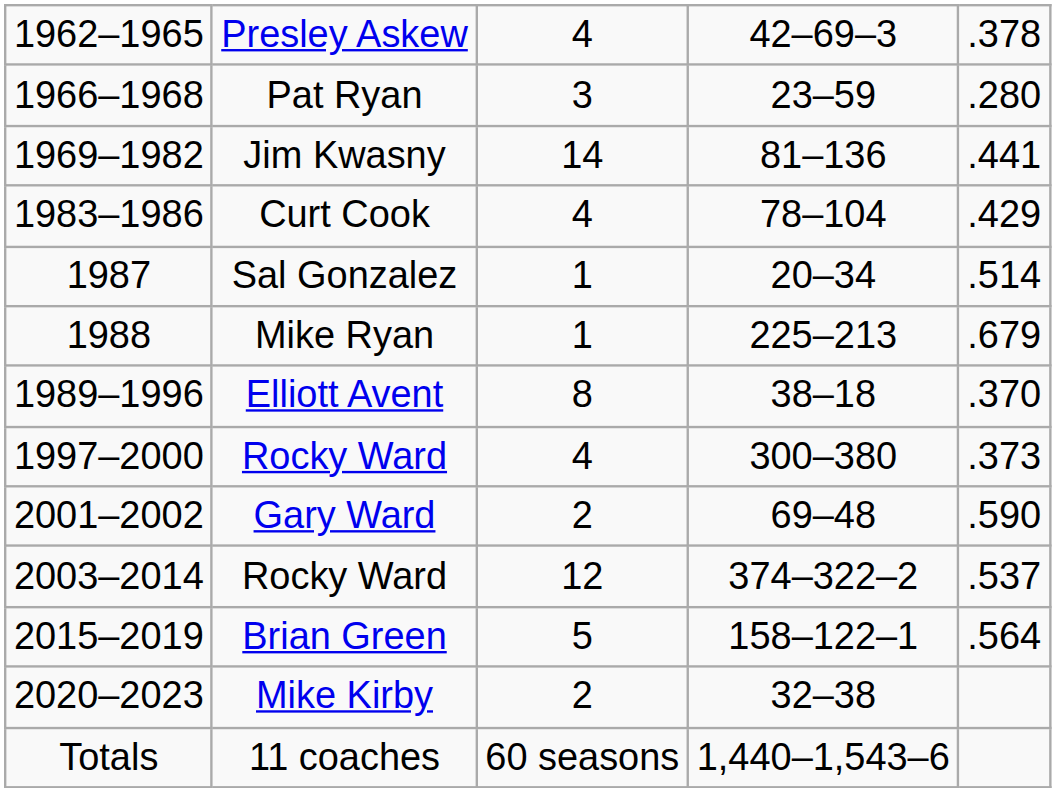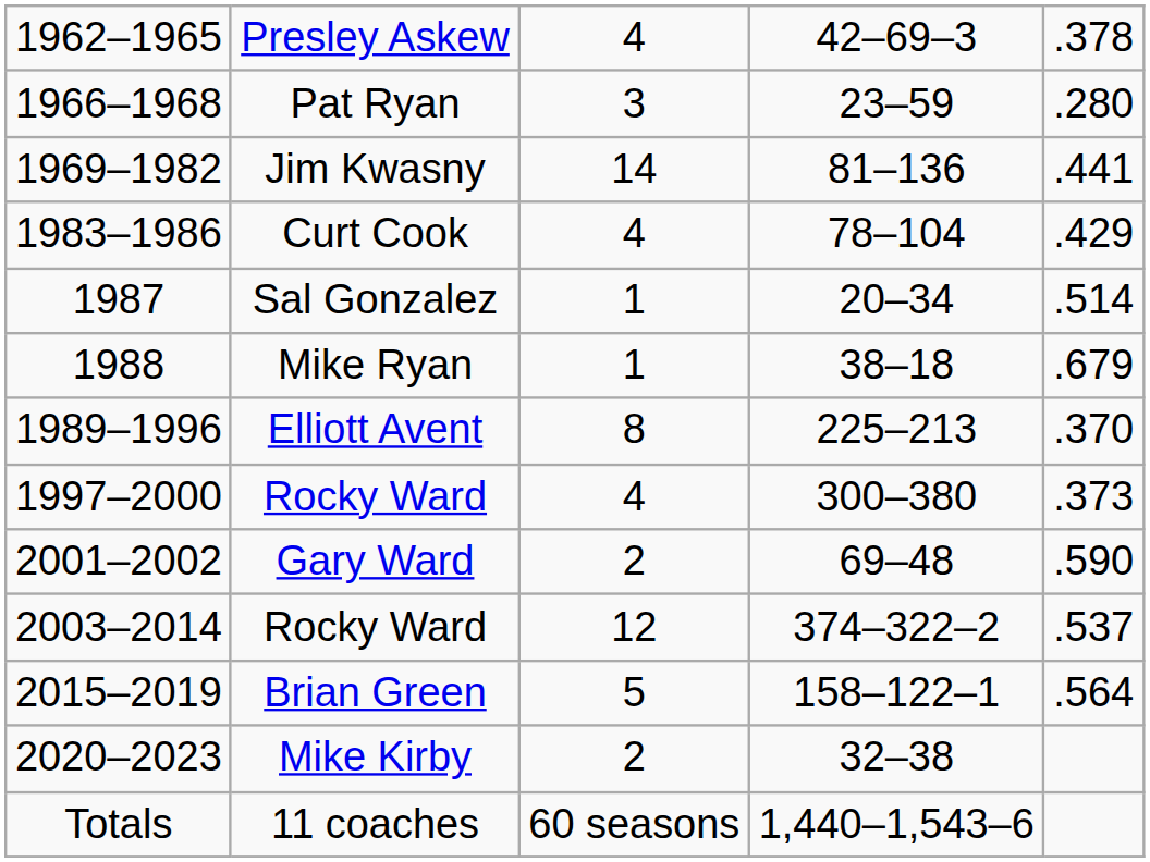 <table class="wikitable" style="text-align:center">
 <tr>
 <td>1962–1965</td>
 <td><a href='#'>Presley Askew</a></td>
 <td>4</td>
 <td>42–69–3</td>
 <td>.378</td>
 </tr>
 <tr>
 <td>1966–1968</td>
 <td>Pat Ryan</td>
 <td>3</td>
 <td>23–59</td>
 <td>.280</td>
 </tr>
 <tr>
 <td>1969–1982</td>
 <td>Jim Kwasny</td>
 <td>14</td>
 <td>81–136</td>
 <td>.441</td>
 </tr>
 <tr>
 <td>1983–1986</td>
 <td>Curt Cook</td>
 <td>4</td>
 <td>78–104</td>
 <td>.429</td>
 </tr>
 <tr>
 <td>1987</td>
 <td>Sal Gonzalez</td>
 <td>1</td>
 <td>20–34</td>
 <td>.514</td>
 </tr>
 <tr>
 <td>1988</td>
 <td>Mike Ryan</td>
 <td>1</td>
-<td>225–213</td>
+<td>38–18</td>
 <td>.679</td>
 </tr>
 <tr>
 <td>1989–1996</td>
 <td><a href='#'>Elliott Avent</a></td>
 <td>8</td>
-<td>38–18</td>
+<td>225–213</td>
 <td>.370</td>
 </tr>
 <tr>
 <td>1997–2000</td>
 <td><a href='#'>Rocky Ward</a></td>
 <td>4</td>
 <td>300–380</td>
 <td>.373</td>
 </tr>
 <tr>
 <td>2001–2002</td>
 <td><a href='#'>Gary Ward</a></td>
 <td>2</td>
 <td>69–48</td>
 <td>.590</td>
 </tr>
 <tr>
 <td>2003–2014</td>
 <td>Rocky Ward</td>
 <td>12</td>
 <td>374–322–2</td>
 <td>.537</td>
 </tr>
 <tr>
 <td>2015–2019</td>
 <td><a href='#'>Brian Green</a></td>
 <td>5</td>
 <td>158–122–1</td>
 <td>.564</td>
 </tr>
 <tr>
 <td>2020–2023</td>
 <td><a href='#'>Mike Kirby</a></td>
 <td>2</td>
 <td>32–38</td>
 <td></td>
 </tr>
 <tr class="sortbottom">
 <td>Totals</td>
 <td>11 coaches</td>
 <td>60 seasons</td>
 <td>1,440–1,543–6</td>
 <td></td>
 </tr>
 </table>
